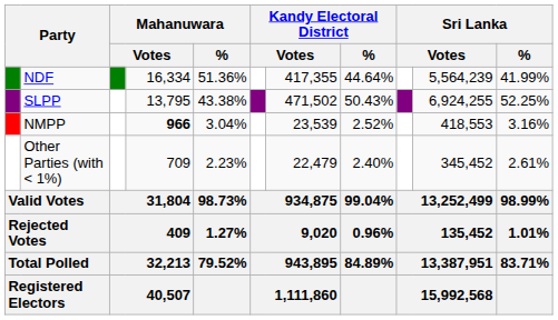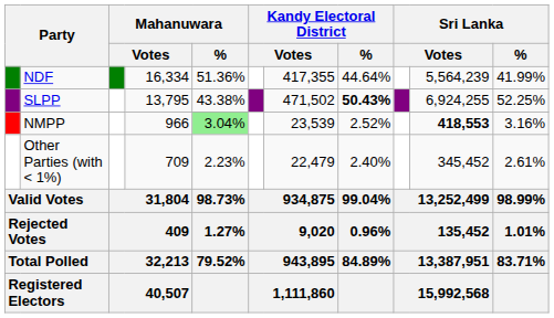 <table class="wikitable">
 <tr>
 <th colspan="2" width="144px"rowspan="2">Party</th>
 <th colspan="3" width="216px">Mahanuwara</th>
 <th colspan="3" width="216px"><a href='#'>Kandy Electoral District</a></th>
 <th colspan="3" width="216px">Sri Lanka</th>
 </tr>
 <tr>
 <th colspan="2" width="144px">Votes</th>
 <th>%</th>
 <th colspan="2" width="144px">Votes</th>
 <th>%</th>
 <th colspan="2" width="144px">Votes</th>
 <th>%</th>
 </tr>
 <tr>
 <td style="background-color:green;" width="10px"></td>
 <td style="text-align:left;"><a href='#'>NDF</a></td>
 <td style="background-color:green;" width="10px"></td>
 <td style="text-align:right;">16,334</td>
 <td style="text-align:right;">51.36%</td>
 <td style="background-color:white;" width="10px"></td>
 <td style="text-align:right;">417,355</td>
 <td style="text-align:right;">44.64%</td>
 <td style="background-color:white;" width="10px"></td>
 <td style="text-align:right;">5,564,239</td>
 <td style="text-align:right;">41.99%</td>
 </tr>
 <tr>
 <td style="background-color:purple;" width="10px"></td>
 <td style="text-align:left;"><a href='#'>SLPP</a></td>
 <td style="background-color:white;" width="10px"></td>
 <td style="text-align:right;">13,795</td>
 <td style="text-align:right;">43.38%</td>
 <td style="background-color:purple;" width="10px"></td>
 <td style="text-align:right;">471,502</td>
-<td style="text-align:right;">50.43%</td>
+<td style="text-align:right;"><strong>50.43%</strong></td>
 <td style="background-color:purple;" width="10px"></td>
 <td style="text-align:right;">6,924,255</td>
 <td style="text-align:right;">52.25%</td>
 </tr>
 <tr>
 <td style="background-color:red;" width="10px"></td>
 <td style="text-align:left;">NMPP</td>
 <td style="background-color:white;" width="10px"></td>
-<td style="text-align:right;"><strong>966</strong></td>
-<td style="text-align:right;">3.04%</td>
+<td style="text-align:right;">966</td>
+<td style="background: lightgreen; text-align:right;">3.04%</td>
 <td style="background-color:white;" width="10px"></td>
 <td style="text-align:right;">23,539</td>
 <td style="text-align:right;">2.52%</td>
 <td style="background-color:white;" width="10px"></td>
-<td style="text-align:right;">418,553</td>
+<td style="text-align:right;"><strong>418,553</strong></td>
 <td style="text-align:right;">3.16%</td>
 </tr>
 <tr>
 <td style="background-color:white;" width="10px"></td>
 <td style="text-align:left;">Other Parties (with < 1%)</td>
 <td style="background-color:white;" width="10px"></td>
 <td style="text-align:right;">709</td>
 <td style="text-align:right;">2.23%</td>
 <td style="background-color:white;" width="10px"></td>
 <td style="text-align:right;">22,479</td>
 <td style="text-align:right;">2.40%</td>
 <td style="background-color:white;" width="10px"></td>
 <td style="text-align:right;">345,452</td>
 <td style="text-align:right;">2.61%</td>
 </tr>
 <tr>
 <th colspan="2" width="144px"style="text-align:left;">Valid Votes</th>
 <th style="text-align:right;"colspan="2" width="144px">31,804</th>
 <th style="text-align:right;">98.73%</th>
 <th style="text-align:right;"colspan="2" width="144px">934,875</th>
 <th style="text-align:right;">99.04%</th>
 <th style="text-align:right;"colspan="2" width="144px">13,252,499</th>
 <th style="text-align:right;">98.99%</th>
 </tr>
 <tr>
 <th colspan="2" width="144px"style="text-align:left;">Rejected Votes</th>
 <th style="text-align:right;"colspan="2" width="144px">409</th>
 <th style="text-align:right;">1.27%</th>
 <th style="text-align:right;"colspan="2" width="144px">9,020</th>
 <th style="text-align:right;">0.96%</th>
 <th style="text-align:right;"colspan="2" width="144px">135,452</th>
 <th style="text-align:right;">1.01%</th>
 </tr>
 <tr>
 <th colspan="2" width="144px"style="text-align:left;">Total Polled</th>
 <th style="text-align:right;"colspan="2" width="144px">32,213</th>
 <th style="text-align:right;">79.52%</th>
 <th style="text-align:right;"colspan="2" width="144px">943,895</th>
 <th style="text-align:right;">84.89%</th>
 <th style="text-align:right;"colspan="2" width="144px">13,387,951</th>
 <th style="text-align:right;">83.71%</th>
 </tr>
 <tr>
 <th colspan="2" width="144px"style="text-align:left;">Registered Electors</th>
 <th style="text-align:right;"colspan="2" width="144px">40,507</th>
 <th></th>
 <th style="text-align:right;"colspan="2" width="144px">1,111,860</th>
 <th></th>
 <th style="text-align:right;"colspan="2" width="144px">15,992,568</th>
 <th></th>
 </tr>
 </table>
